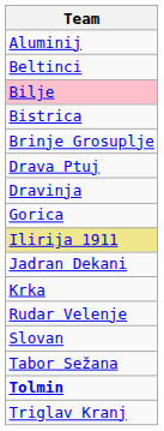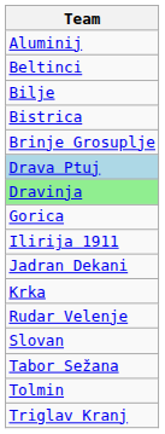 <table class="wikitable sortable" style="text-align:left;">
 <tr>
 <th>Team</th>
 </tr>
 <tr>
 <td><a href='#'>Aluminij</a></td>
 </tr>
 <tr>
 <td><a href='#'>Beltinci</a></td>
 </tr>
 <tr>
-<td style="background: pink;"><a href='#'>Bilje</a></td>
+<td><a href='#'>Bilje</a></td>
 </tr>
 <tr>
 <td><a href='#'>Bistrica</a></td>
 </tr>
 <tr>
 <td><a href='#'>Brinje Grosuplje</a></td>
 </tr>
 <tr>
-<td><a href='#'>Drava Ptuj</a></td>
+<td style="background: lightblue;"><a href='#'>Drava Ptuj</a></td>
 </tr>
 <tr>
-<td><a href='#'>Dravinja</a></td>
+<td style="background: lightgreen;"><a href='#'>Dravinja</a></td>
 </tr>
 <tr>
 <td><a href='#'>Gorica</a></td>
 </tr>
 <tr>
-<td style="background: khaki;"><a href='#'>Ilirija 1911</a></td>
+<td><a href='#'>Ilirija 1911</a></td>
 </tr>
 <tr>
 <td><a href='#'>Jadran Dekani</a></td>
 </tr>
 <tr>
 <td><a href='#'>Krka</a></td>
 </tr>
 <tr>
 <td><a href='#'>Rudar Velenje</a></td>
 </tr>
 <tr>
 <td><a href='#'>Slovan</a></td>
 </tr>
 <tr>
 <td><a href='#'>Tabor Sežana</a></td>
 </tr>
 <tr>
-<td><strong><a href='#'>Tolmin</a></strong></td>
+<td><a href='#'>Tolmin</a></td>
 </tr>
 <tr>
 <td><a href='#'>Triglav Kranj</a></td>
 </tr>
 </table>
